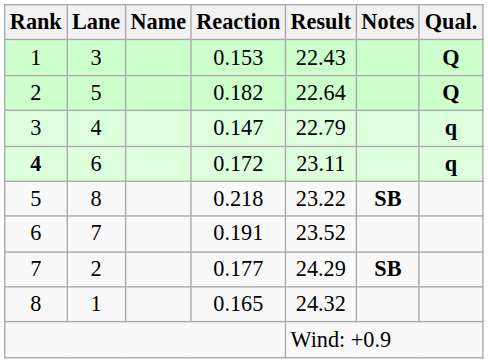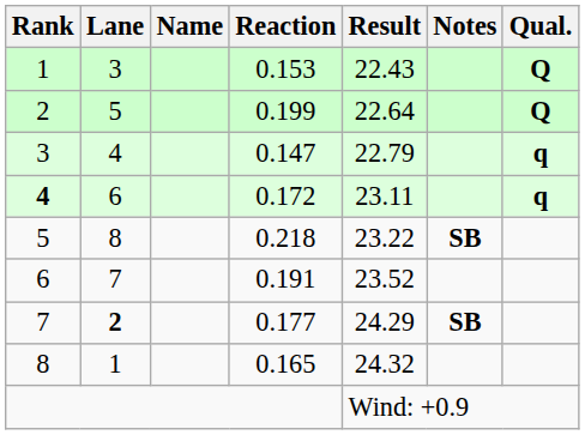 <table class="wikitable sortable" style="text-align:center">
 <tr>
 <th>Rank</th>
 <th>Lane</th>
 <th>Name</th>
 <th>Reaction</th>
 <th>Result</th>
 <th>Notes</th>
 <th>Qual.</th>
 </tr>
 <tr bgcolor=ccffcc>
 <td>1</td>
 <td>3</td>
 <td align="left"></td>
 <td>0.153</td>
 <td>22.43</td>
 <td></td>
 <td><strong>Q</strong></td>
 </tr>
 <tr bgcolor=ccffcc>
 <td>2</td>
 <td>5</td>
 <td align="left"></td>
-<td>0.182</td>
+<td>0.199</td>
 <td>22.64</td>
 <td></td>
 <td><strong>Q</strong></td>
 </tr>
 <tr bgcolor=ddffdd>
 <td>3</td>
 <td>4</td>
 <td align="left"></td>
 <td>0.147</td>
 <td>22.79</td>
 <td></td>
 <td><strong>q</strong></td>
 </tr>
 <tr bgcolor=ddffdd>
 <td><strong>4</strong></td>
 <td>6</td>
 <td align="left"></td>
 <td>0.172</td>
 <td>23.11</td>
 <td></td>
 <td><strong>q</strong></td>
 </tr>
 <tr>
 <td>5</td>
 <td>8</td>
 <td align="left"></td>
 <td>0.218</td>
 <td>23.22</td>
 <td><strong>SB</strong></td>
 <td></td>
 </tr>
 <tr>
 <td>6</td>
 <td>7</td>
 <td align="left"></td>
 <td>0.191</td>
 <td>23.52</td>
 <td></td>
 <td></td>
 </tr>
 <tr>
 <td>7</td>
-<td>2</td>
+<td><strong>2</strong></td>
 <td align="left"></td>
 <td>0.177</td>
 <td>24.29</td>
 <td><strong>SB</strong></td>
 <td></td>
 </tr>
 <tr>
 <td>8</td>
 <td>1</td>
 <td align="left"></td>
 <td>0.165</td>
 <td>24.32</td>
 <td></td>
 <td></td>
 </tr>
 <tr class="sortbottom">
 <td colspan=4></td>
 <td colspan="3" style="text-align:left;">Wind: +0.9</td>
 </tr>
 </table>
